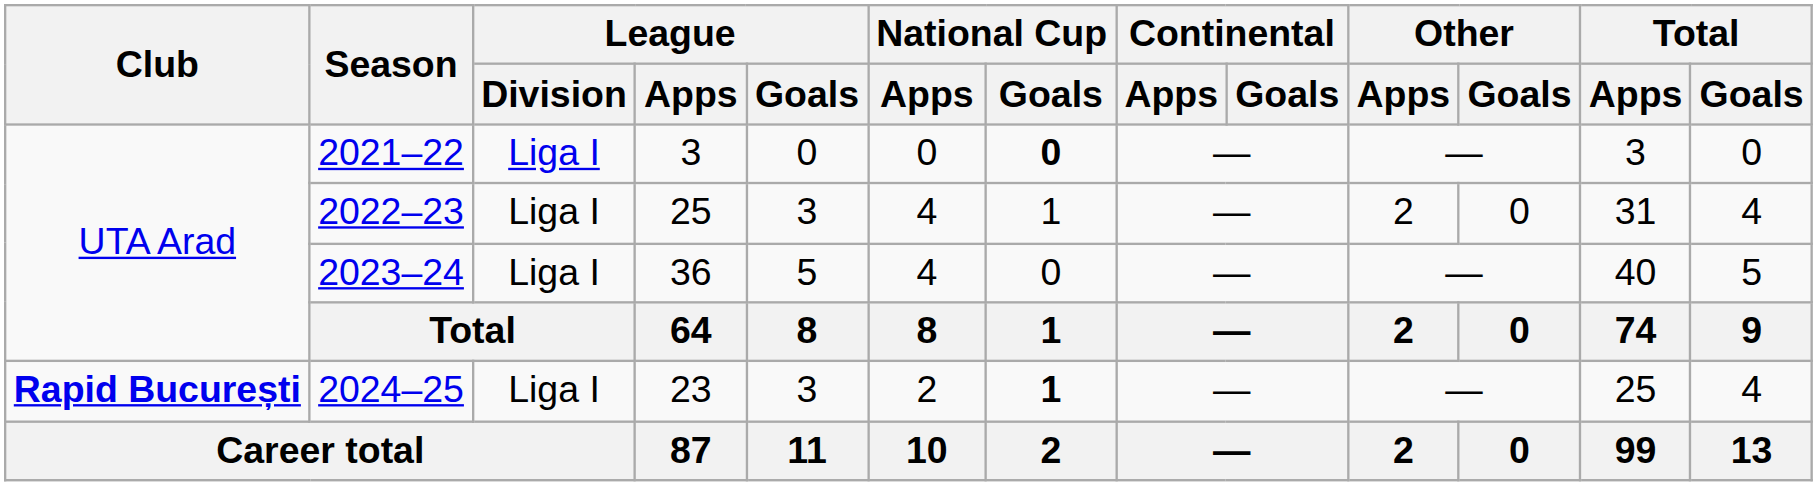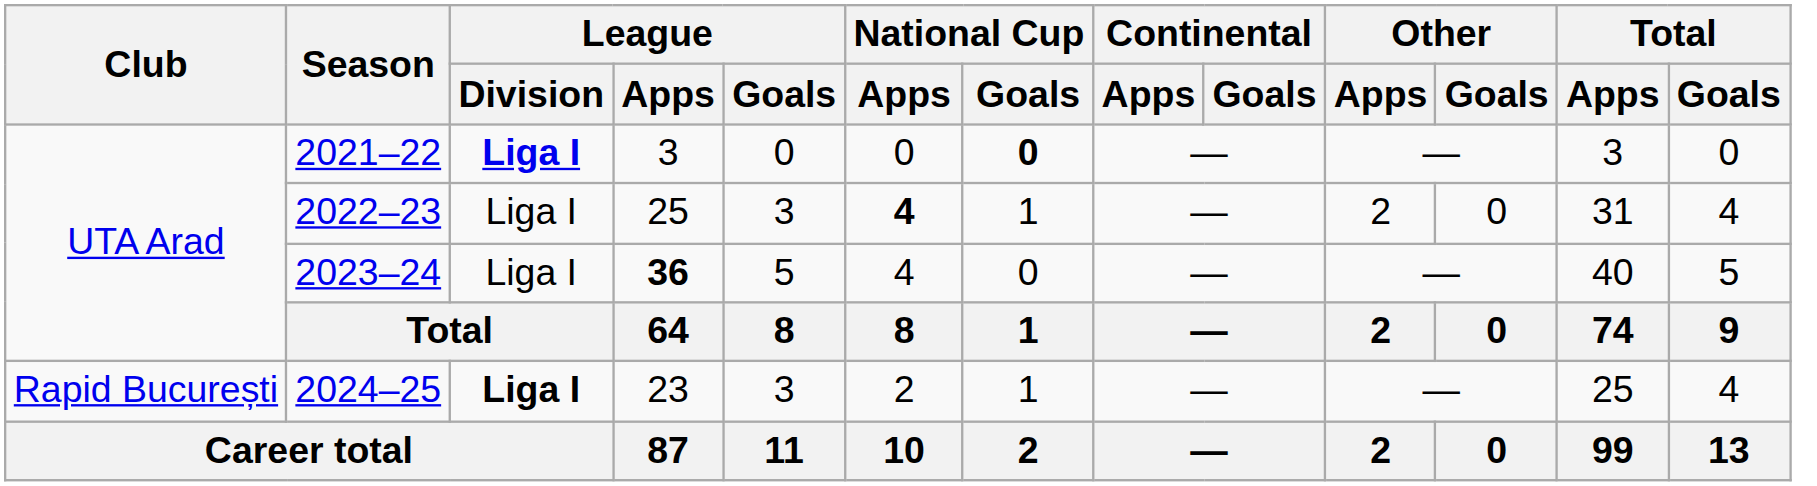 <table class=wikitable style=text-align:center>
 <tr>
 <th rowspan=2>Club</th>
 <th rowspan=2>Season</th>
 <th colspan=3>League</th>
 <th colspan=2>National Cup</th>
 <th colspan=2>Continental</th>
 <th colspan=2>Other</th>
 <th colspan=2>Total</th>
 </tr>
 <tr>
 <th>Division</th>
 <th>Apps</th>
 <th>Goals</th>
 <th>Apps</th>
 <th>Goals</th>
 <th>Apps</th>
 <th>Goals</th>
 <th>Apps</th>
 <th>Goals</th>
 <th>Apps</th>
 <th>Goals</th>
 </tr>
 <tr>
 <td rowspan="4"><a href='#'>UTA Arad</a></td>
 <td><a href='#'>2021–22</a></td>
-<td><a href='#'>Liga I</a></td>
+<td><strong><a href='#'>Liga I</a></strong></td>
 <td>3</td>
 <td>0</td>
 <td>0</td>
 <td><strong>0</strong></td>
 <td colspan="2">—</td>
 <td colspan="2">—</td>
 <td>3</td>
 <td>0</td>
 </tr>
 <tr>
 <td><a href='#'>2022–23</a></td>
 <td>Liga I</td>
 <td>25</td>
 <td>3</td>
-<td>4</td>
+<td><strong>4</strong></td>
 <td>1</td>
 <td colspan="2">—</td>
 <td>2</td>
 <td>0</td>
 <td>31</td>
 <td>4</td>
 </tr>
 <tr>
 <td><a href='#'>2023–24</a></td>
 <td>Liga I</td>
-<td>36</td>
+<td><strong>36</strong></td>
 <td>5</td>
 <td>4</td>
 <td>0</td>
 <td colspan="2">—</td>
 <td colspan="2">—</td>
 <td>40</td>
 <td>5</td>
 </tr>
 <tr>
 <th colspan="2">Total</th>
 <th>64</th>
 <th>8</th>
 <th>8</th>
 <th>1</th>
 <th colspan="2">—</th>
 <th>2</th>
 <th>0</th>
 <th>74</th>
 <th>9</th>
 </tr>
 <tr>
-<td rowspan="1"><strong><a href='#'>Rapid București</a></strong></td>
+<td rowspan="1"><a href='#'>Rapid București</a></td>
 <td><a href='#'>2024–25</a></td>
-<td>Liga I</td>
+<td><strong>Liga I</strong></td>
 <td>23</td>
 <td>3</td>
 <td>2</td>
-<td><strong>1</strong></td>
+<td>1</td>
 <td colspan="2">—</td>
 <td colspan="2">—</td>
 <td>25</td>
 <td>4</td>
 </tr>
 <tr>
 <th colspan="3">Career total</th>
 <th>87</th>
 <th>11</th>
 <th>10</th>
 <th>2</th>
 <th colspan="2">—</th>
 <th>2</th>
 <th>0</th>
 <th>99</th>
 <th>13</th>
 </tr>
 </table>
